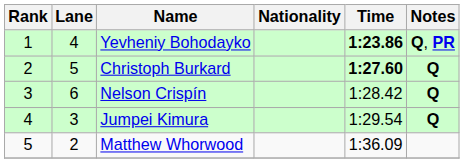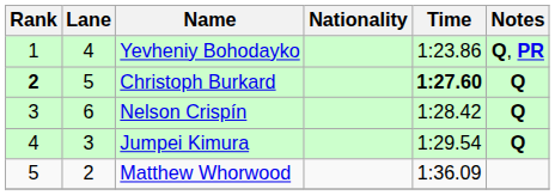 <table class="wikitable">
 <tr>
 <th>Rank</th>
 <th>Lane</th>
 <th>Name</th>
 <th>Nationality</th>
 <th>Time</th>
 <th>Notes</th>
 </tr>
 <tr bgcolor=ccffcc>
 <td align=center>1</td>
 <td align=center>4</td>
 <td><a href='#'>Yevheniy Bohodayko</a></td>
 <td></td>
-<td align=center><strong>1:23.86</strong></td>
+<td align=center>1:23.86</td>
 <td align=center><strong>Q</strong>, <strong><a href='#'>PR</a></strong></td>
 </tr>
 <tr bgcolor=ccffcc>
-<td align=center>2</td>
+<td align=center><strong>2</strong></td>
 <td align=center>5</td>
 <td><a href='#'>Christoph Burkard</a></td>
 <td></td>
 <td align=center><strong>1:27.60</strong></td>
 <td align=center><strong>Q</strong></td>
 </tr>
 <tr bgcolor=ccffcc>
 <td align=center>3</td>
 <td align=center>6</td>
 <td><a href='#'>Nelson Crispín</a></td>
 <td></td>
 <td align=center>1:28.42</td>
 <td align=center><strong>Q</strong></td>
 </tr>
 <tr bgcolor=ccffcc>
 <td align=center>4</td>
 <td align=center>3</td>
 <td><a href='#'>Jumpei Kimura</a></td>
 <td></td>
 <td align=center>1:29.54</td>
 <td align=center><strong>Q</strong></td>
 </tr>
 <tr>
 <td align=center>5</td>
 <td align=center>2</td>
 <td><a href='#'>Matthew Whorwood</a></td>
 <td></td>
 <td align=center>1:36.09</td>
 <td align=center></td>
 </tr>
 <tr>
 </tr>
 </table>
